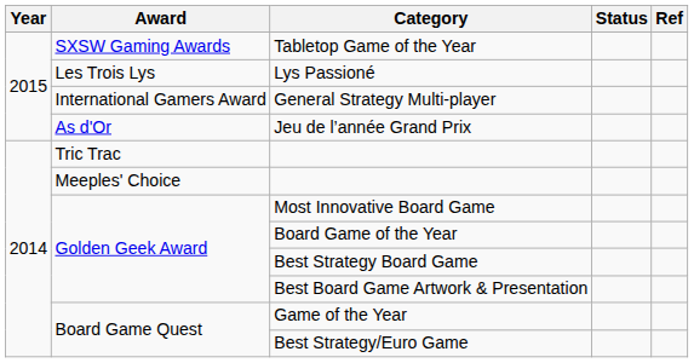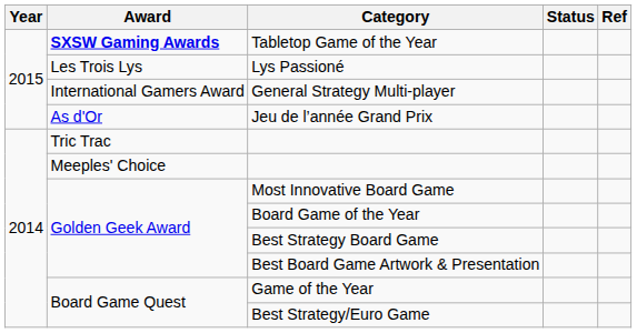 <table class="wikitable">
 <tr>
 <th>Year</th>
 <th>Award</th>
 <th>Category</th>
 <th>Status</th>
 <th>Ref</th>
 </tr>
 <tr>
 <td rowspan=4>2015</td>
-<td><a href='#'>SXSW Gaming Awards</a></td>
+<td><strong><a href='#'>SXSW Gaming Awards</a></strong></td>
 <td>Tabletop Game of the Year</td>
 <td></td>
 <td></td>
 </tr>
 <tr>
 <td>Les Trois Lys</td>
 <td>Lys Passioné</td>
 <td></td>
 <td></td>
 </tr>
 <tr>
 <td>International Gamers Award</td>
 <td>General Strategy Multi-player</td>
 <td></td>
 <td></td>
 </tr>
 <tr>
 <td><a href='#'>As d'Or</a></td>
 <td>Jeu de l’année Grand Prix</td>
 <td></td>
 <td></td>
 </tr>
 <tr>
 <td rowspan=8>2014</td>
 <td>Tric Trac</td>
 <td></td>
 <td></td>
 <td></td>
 </tr>
 <tr>
 <td>Meeples' Choice</td>
 <td></td>
 <td></td>
 <td></td>
 </tr>
 <tr>
 <td rowspan=4><a href='#'>Golden Geek Award</a></td>
 <td>Most Innovative Board Game</td>
 <td></td>
 <td></td>
 </tr>
 <tr>
 <td>Board Game of the Year</td>
 <td></td>
 <td></td>
 </tr>
 <tr>
 <td>Best Strategy Board Game</td>
 <td></td>
 <td></td>
 </tr>
 <tr>
 <td>Best Board Game Artwork & Presentation</td>
 <td></td>
 <td></td>
 </tr>
 <tr>
 <td rowspan=2>Board Game Quest</td>
 <td>Game of the Year</td>
 <td></td>
 <td></td>
 </tr>
 <tr>
 <td>Best Strategy/Euro Game</td>
 <td></td>
 <td></td>
 </tr>
 </table>
